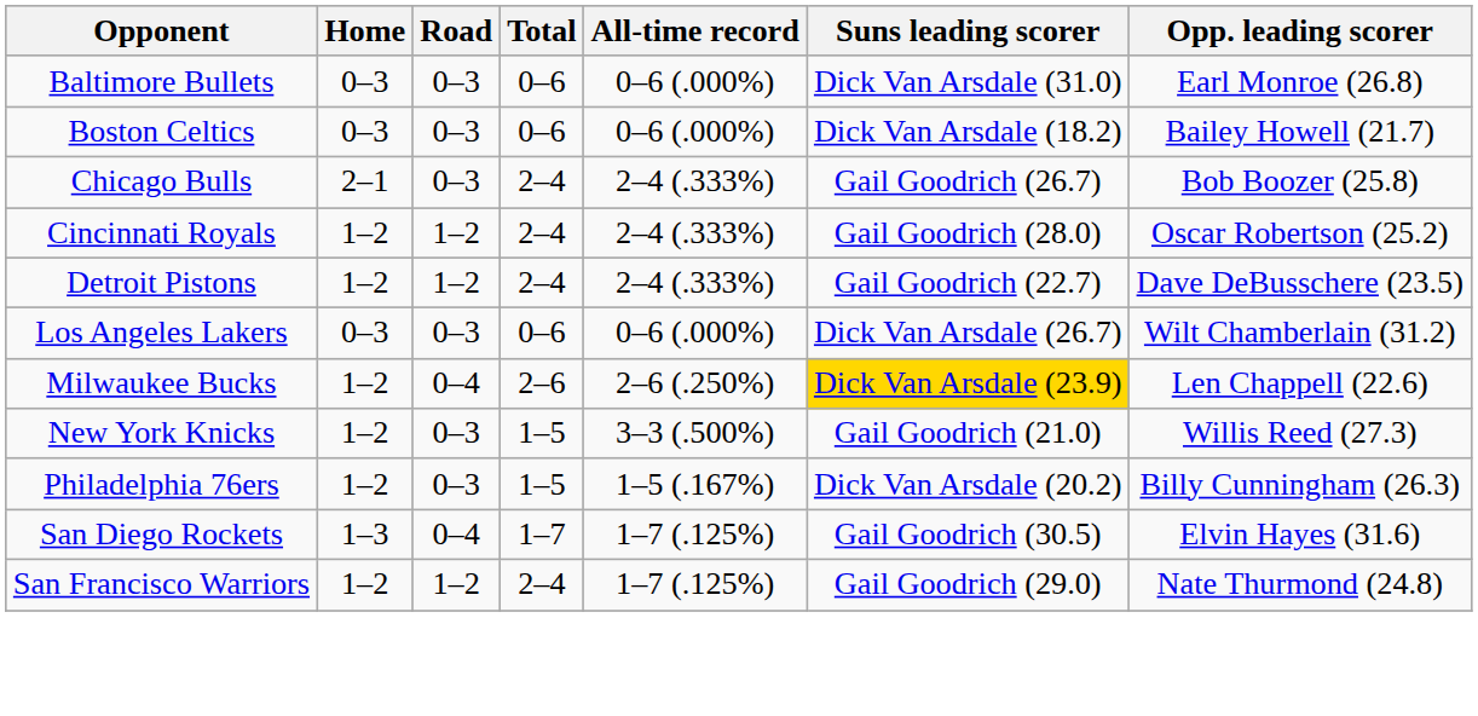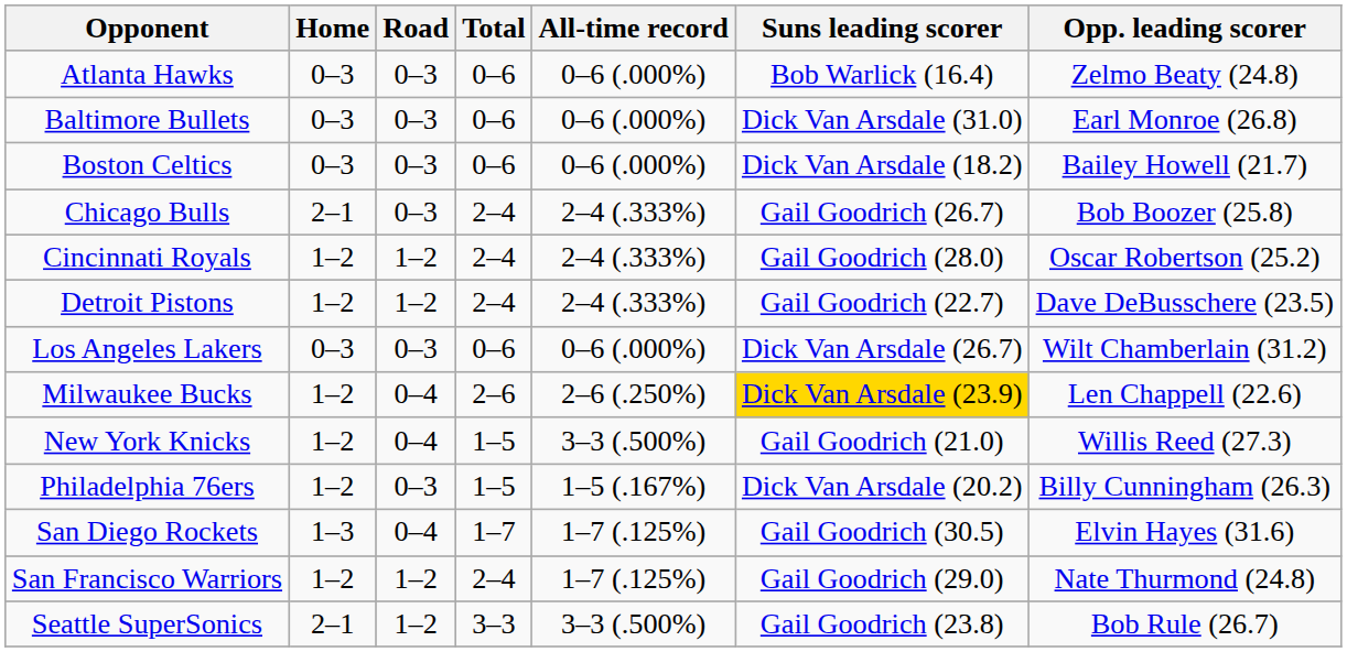 <table class="wikitable">
 <tr>
 <th>Opponent</th>
 <th>Home</th>
 <th>Road</th>
 <th>Total</th>
 <th>All-time record</th>
 <th>Suns leading scorer</th>
 <th>Opp. leading scorer</th>
+</tr>
+<tr style="text-align: center">
+<td><a href='#'>Atlanta Hawks</a></td>
+<td>0–3</td>
+<td>0–3</td>
+<td>0–6</td>
+<td>0–6 (.000%)</td>
+<td><a href='#'>Bob Warlick</a> (16.4)</td>
+<td><a href='#'>Zelmo Beaty</a> (24.8)</td>
 </tr>
 <tr style="text-align: center">
 <td><a href='#'>Baltimore Bullets</a></td>
 <td>0–3</td>
 <td>0–3</td>
 <td>0–6</td>
 <td>0–6 (.000%)</td>
 <td><a href='#'>Dick Van Arsdale</a> (31.0)</td>
 <td><a href='#'>Earl Monroe</a> (26.8)</td>
 </tr>
 <tr style="text-align: center">
 <td><a href='#'>Boston Celtics</a></td>
 <td>0–3</td>
 <td>0–3</td>
 <td>0–6</td>
 <td>0–6 (.000%)</td>
 <td><a href='#'>Dick Van Arsdale</a> (18.2)</td>
 <td><a href='#'>Bailey Howell</a> (21.7)</td>
 </tr>
 <tr style="text-align: center">
 <td><a href='#'>Chicago Bulls</a></td>
 <td>2–1</td>
 <td>0–3</td>
 <td>2–4</td>
 <td>2–4 (.333%)</td>
 <td><a href='#'>Gail Goodrich</a> (26.7)</td>
 <td><a href='#'>Bob Boozer</a> (25.8)</td>
 </tr>
 <tr style="text-align: center">
 <td><a href='#'>Cincinnati Royals</a></td>
 <td>1–2</td>
 <td>1–2</td>
 <td>2–4</td>
 <td>2–4 (.333%)</td>
 <td><a href='#'>Gail Goodrich</a> (28.0)</td>
 <td><a href='#'>Oscar Robertson</a> (25.2)</td>
 </tr>
 <tr style="text-align: center">
 <td><a href='#'>Detroit Pistons</a></td>
 <td>1–2</td>
 <td>1–2</td>
 <td>2–4</td>
 <td>2–4 (.333%)</td>
 <td><a href='#'>Gail Goodrich</a> (22.7)</td>
 <td><a href='#'>Dave DeBusschere</a> (23.5)</td>
 </tr>
 <tr style="text-align: center">
 <td><a href='#'>Los Angeles Lakers</a></td>
 <td>0–3</td>
 <td>0–3</td>
 <td>0–6</td>
 <td>0–6 (.000%)</td>
 <td><a href='#'>Dick Van Arsdale</a> (26.7)</td>
 <td><a href='#'>Wilt Chamberlain</a> (31.2)</td>
 </tr>
 <tr style="text-align: center">
 <td><a href='#'>Milwaukee Bucks</a></td>
 <td>1–2</td>
 <td>0–4</td>
 <td>2–6</td>
 <td>2–6 (.250%)</td>
 <td style="background: gold;"><a href='#'>Dick Van Arsdale</a> (23.9)</td>
 <td><a href='#'>Len Chappell</a> (22.6)</td>
 </tr>
 <tr style="text-align: center">
 <td><a href='#'>New York Knicks</a></td>
 <td>1–2</td>
-<td>0–3</td>
+<td>0–4</td>
 <td>1–5</td>
 <td>3–3 (.500%)</td>
 <td><a href='#'>Gail Goodrich</a> (21.0)</td>
 <td><a href='#'>Willis Reed</a> (27.3)</td>
 </tr>
 <tr style="text-align: center">
 <td><a href='#'>Philadelphia 76ers</a></td>
 <td>1–2</td>
 <td>0–3</td>
 <td>1–5</td>
 <td>1–5 (.167%)</td>
 <td><a href='#'>Dick Van Arsdale</a> (20.2)</td>
 <td><a href='#'>Billy Cunningham</a> (26.3)</td>
 </tr>
 <tr style="text-align: center">
 <td><a href='#'>San Diego Rockets</a></td>
 <td>1–3</td>
 <td>0–4</td>
 <td>1–7</td>
 <td>1–7 (.125%)</td>
 <td><a href='#'>Gail Goodrich</a> (30.5)</td>
 <td><a href='#'>Elvin Hayes</a> (31.6)</td>
 </tr>
 <tr style="text-align: center">
 <td><a href='#'>San Francisco Warriors</a></td>
 <td>1–2</td>
 <td>1–2</td>
 <td>2–4</td>
 <td>1–7 (.125%)</td>
 <td><a href='#'>Gail Goodrich</a> (29.0)</td>
 <td><a href='#'>Nate Thurmond</a> (24.8)</td>
 </tr>
+<tr style="text-align: center">
+<td><a href='#'>Seattle SuperSonics</a></td>
+<td>2–1</td>
+<td>1–2</td>
+<td>3–3</td>
+<td>3–3 (.500%)</td>
+<td><a href='#'>Gail Goodrich</a> (23.8)</td>
+<td><a href='#'>Bob Rule</a> (26.7)</td>
+</tr>
 </table>
